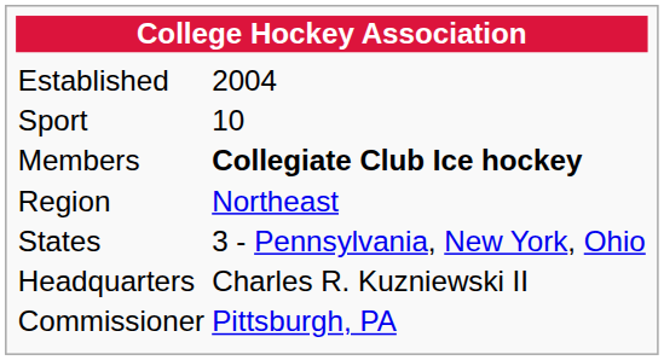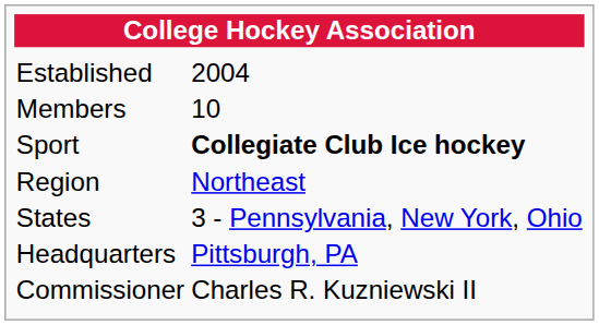 <table class="infobox">
 <tr>
 <th colspan="2" align=center style="background: #DC143C; color:white; text-align: center"><strong>College Hockey Association</strong></th>
 </tr>
 <tr>
 <td colspan="2" align=center></td>
 </tr>
 <tr>
 <td>Established</td>
 <td>2004</td>
 </tr>
 <tr>
-<td>Sport</td>
+<td>Members</td>
 <td>10</td>
 </tr>
 <tr>
-<td>Members</td>
+<td>Sport</td>
 <td><strong>Collegiate Club Ice hockey</strong></td>
 </tr>
 <tr>
 <td>Region</td>
 <td><a href='#'>Northeast</a></td>
 </tr>
 <tr>
 <td>States</td>
 <td>3 - <a href='#'>Pennsylvania</a>, <a href='#'>New York</a>, <a href='#'>Ohio</a></td>
 </tr>
 <tr>
 <td>Headquarters</td>
-<td>Charles R. Kuzniewski II</td>
+<td><a href='#'>Pittsburgh, PA</a></td>
 </tr>
 <tr>
 <td>Commissioner</td>
-<td><a href='#'>Pittsburgh, PA</a></td>
+<td>Charles R. Kuzniewski II</td>
 </tr>
 <tr>
 </tr>
 </table>
